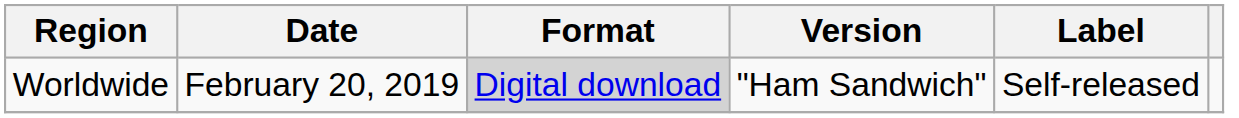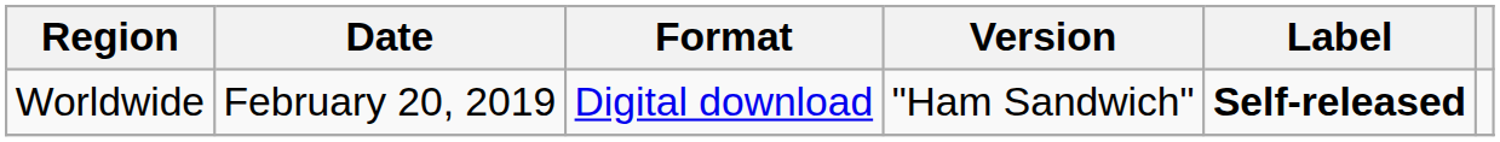 <table class="wikitable plainrowheaders">
 <tr>
 <th>Region</th>
 <th>Date</th>
 <th>Format</th>
 <th>Version</th>
 <th>Label</th>
 <th></th>
 </tr>
 <tr>
 <td rowspan="1" scope="row">Worldwide</td>
 <td>February 20, 2019</td>
-<td rowspan="1" style="background: lightgrey;"><a href='#'>Digital download</a></td>
+<td rowspan="1"><a href='#'>Digital download</a></td>
 <td>"Ham Sandwich"</td>
-<td rowspan="1">Self-released</td>
+<td rowspan="1"><strong>Self-released</strong></td>
 <td></td>
 </tr>
 <tr>
 </tr>
 </table>
